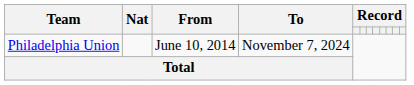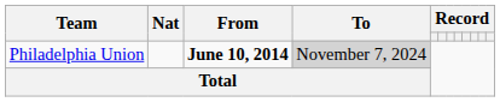 <table class="wikitable" style="text-align:center">
 <tr>
 <th rowspan="2">Team</th>
 <th rowspan="2">Nat</th>
 <th rowspan="2">From</th>
 <th rowspan="2">To</th>
 <th colspan="8">Record</th>
 </tr>
 <tr>
 <th></th>
 <th></th>
 <th></th>
 <th></th>
 <th></th>
 <th></th>
 <th></th>
 <th></th>
 </tr>
 <tr>
 <td align=left><a href='#'>Philadelphia Union</a></td>
 <td></td>
-<td align=left>June 10, 2014</td>
-<td align=left>November 7, 2024<br></td>
+<td align=left><strong>June 10, 2014</strong></td>
+<td align=left style="background: lightgrey;">November 7, 2024<br></td>
 </tr>
 <tr>
 <th colspan="4">Total<br></th>
 </tr>
 </table>
